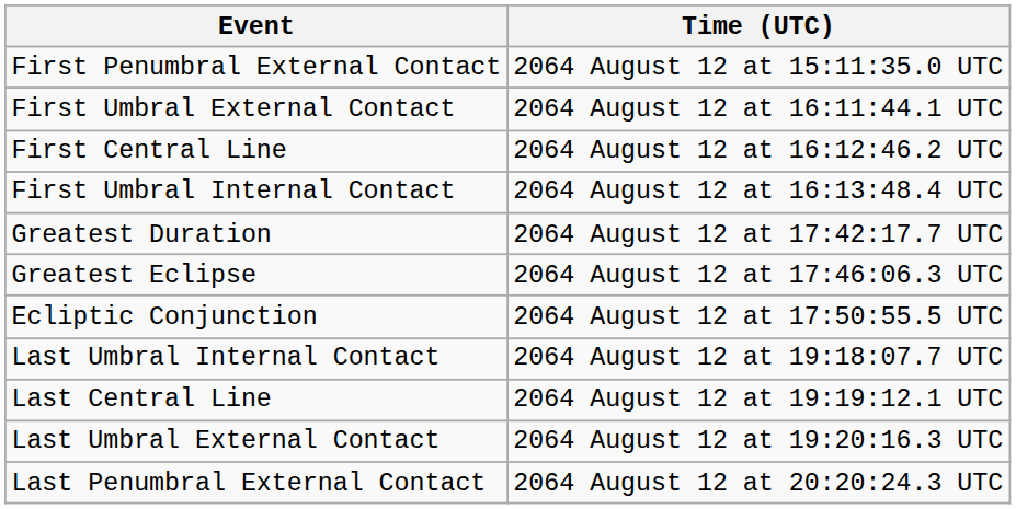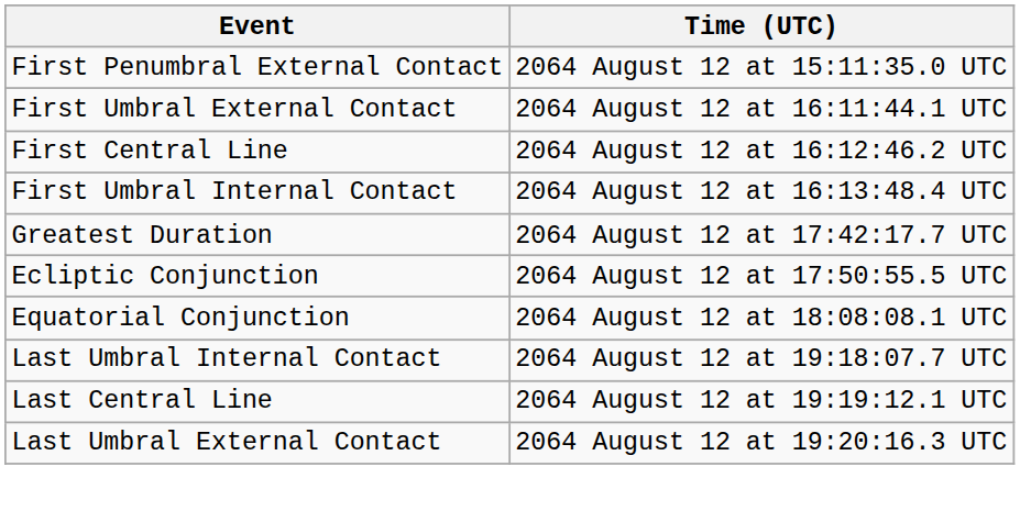 <table class="wikitable">
 <tr>
 <th>Event</th>
 <th>Time (UTC)</th>
 </tr>
 <tr>
 <td>First Penumbral External Contact</td>
 <td>2064 August 12 at 15:11:35.0 UTC</td>
 </tr>
 <tr>
 <td>First Umbral External Contact</td>
 <td>2064 August 12 at 16:11:44.1 UTC</td>
 </tr>
 <tr>
 <td>First Central Line</td>
 <td>2064 August 12 at 16:12:46.2 UTC</td>
 </tr>
 <tr>
 <td>First Umbral Internal Contact</td>
 <td>2064 August 12 at 16:13:48.4 UTC</td>
 </tr>
 <tr>
 <td>Greatest Duration</td>
 <td>2064 August 12 at 17:42:17.7 UTC</td>
 </tr>
 <tr>
-<td>Greatest Eclipse</td>
-<td>2064 August 12 at 17:46:06.3 UTC</td>
+<td>Ecliptic Conjunction</td>
+<td>2064 August 12 at 17:50:55.5 UTC</td>
 </tr>
 <tr>
-<td>Ecliptic Conjunction</td>
-<td>2064 August 12 at 17:50:55.5 UTC</td>
+<td>Equatorial Conjunction</td>
+<td>2064 August 12 at 18:08:08.1 UTC</td>
 </tr>
 <tr>
 <td>Last Umbral Internal Contact</td>
 <td>2064 August 12 at 19:18:07.7 UTC</td>
 </tr>
 <tr>
 <td>Last Central Line</td>
 <td>2064 August 12 at 19:19:12.1 UTC</td>
 </tr>
 <tr>
 <td>Last Umbral External Contact</td>
 <td>2064 August 12 at 19:20:16.3 UTC</td>
 </tr>
-<tr>
-<td>Last Penumbral External Contact</td>
-<td>2064 August 12 at 20:20:24.3 UTC</td>
-</tr>
 </table>
